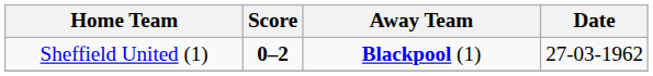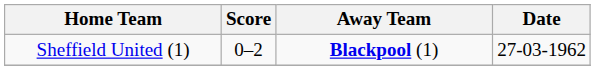 <table class="wikitable" style="text-align:center;">
 <tr>
 <th width=175>Home Team</th>
 <th width=20>Score</th>
 <th width=175>Away Team</th>
 <th width= 75>Date</th>
 </tr>
 <tr>
 <td><a href='#'>Sheffield United</a> (1)</td>
-<td><strong>0–2</strong></td>
+<td>0–2</td>
 <td><a href='#'><strong>Blackpool</strong></a> (1)</td>
 <td>27-03-1962</td>
 </tr>
 <tr>
 </tr>
 </table>
